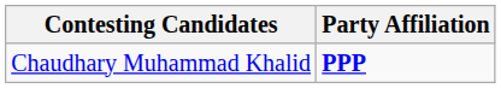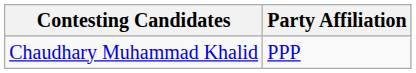 <table class="wikitable sortable">
 <tr>
 <th>Contesting Candidates</th>
 <th>Party Affiliation</th>
 </tr>
 <tr>
 <td><a href='#'>Chaudhary Muhammad Khalid</a></td>
-<td><strong><a href='#'>PPP</a></strong></td>
+<td><a href='#'>PPP</a></td>
 </tr>
 </table>
